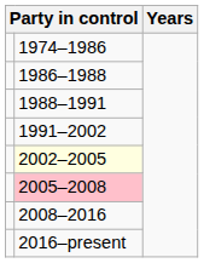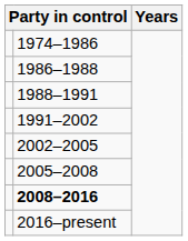 <table class="wikitable">
 <tr>
 <th colspan=2>Party in control</th>
 <th>Years</th>
 </tr>
 <tr>
 <td></td>
 <td>1974–1986</td>
 </tr>
 <tr>
 <td></td>
 <td>1986–1988</td>
 </tr>
 <tr>
 <td></td>
 <td>1988–1991</td>
 </tr>
 <tr>
 <td></td>
 <td>1991–2002</td>
 </tr>
 <tr>
 <td></td>
-<td style="background: lightyellow;">2002–2005</td>
+<td>2002–2005</td>
 </tr>
 <tr>
 <td></td>
-<td style="background: pink;">2005–2008</td>
+<td>2005–2008</td>
 </tr>
 <tr>
 <td></td>
-<td>2008–2016</td>
+<td><strong>2008–2016</strong></td>
 </tr>
 <tr>
 <td></td>
 <td>2016–present</td>
 </tr>
 </table>
